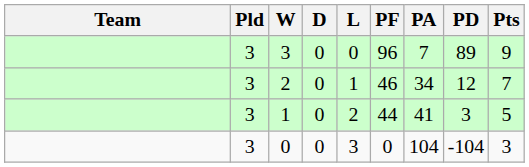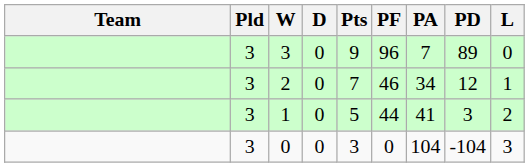 <table class="wikitable" style="text-align:center;">
 <tr>
 <th width=175>Team</th>
 <th width=20 abbr="Played">Pld</th>
 <th width=20 abbr="Won">W</th>
 <th width=20 abbr="Drawn">D</th>
-<th width=20 abbr="Lost">L</th>
+<th width=20 abbr="Points">Pts</th>
 <th width=20 abbr="Points for">PF</th>
 <th width=20 abbr="Points against">PA</th>
 <th width=25 abbr="Points difference">PD</th>
-<th width=20 abbr="Points">Pts</th>
+<th width=20 abbr="Lost">L</th>
 </tr>
 <tr bgcolor=ccffcc>
 <td style="text-align:left;"></td>
 <td>3</td>
 <td>3</td>
 <td>0</td>
-<td>0</td>
+<td>9</td>
 <td>96</td>
 <td>7</td>
 <td>89</td>
-<td>9</td>
+<td>0</td>
 </tr>
 <tr bgcolor=ccffcc>
 <td style="text-align:left;"></td>
 <td>3</td>
 <td>2</td>
 <td>0</td>
-<td>1</td>
+<td>7</td>
 <td>46</td>
 <td>34</td>
 <td>12</td>
-<td>7</td>
+<td>1</td>
 </tr>
 <tr bgcolor=ccffcc>
 <td style="text-align:left;"></td>
 <td>3</td>
 <td>1</td>
 <td>0</td>
-<td>2</td>
+<td>5</td>
 <td>44</td>
 <td>41</td>
 <td>3</td>
-<td>5</td>
+<td>2</td>
 </tr>
 <tr>
 <td style="text-align:left;"></td>
 <td>3</td>
 <td>0</td>
 <td>0</td>
 <td>3</td>
 <td>0</td>
 <td>104</td>
 <td>-104</td>
 <td>3</td>
 </tr>
 </table>
